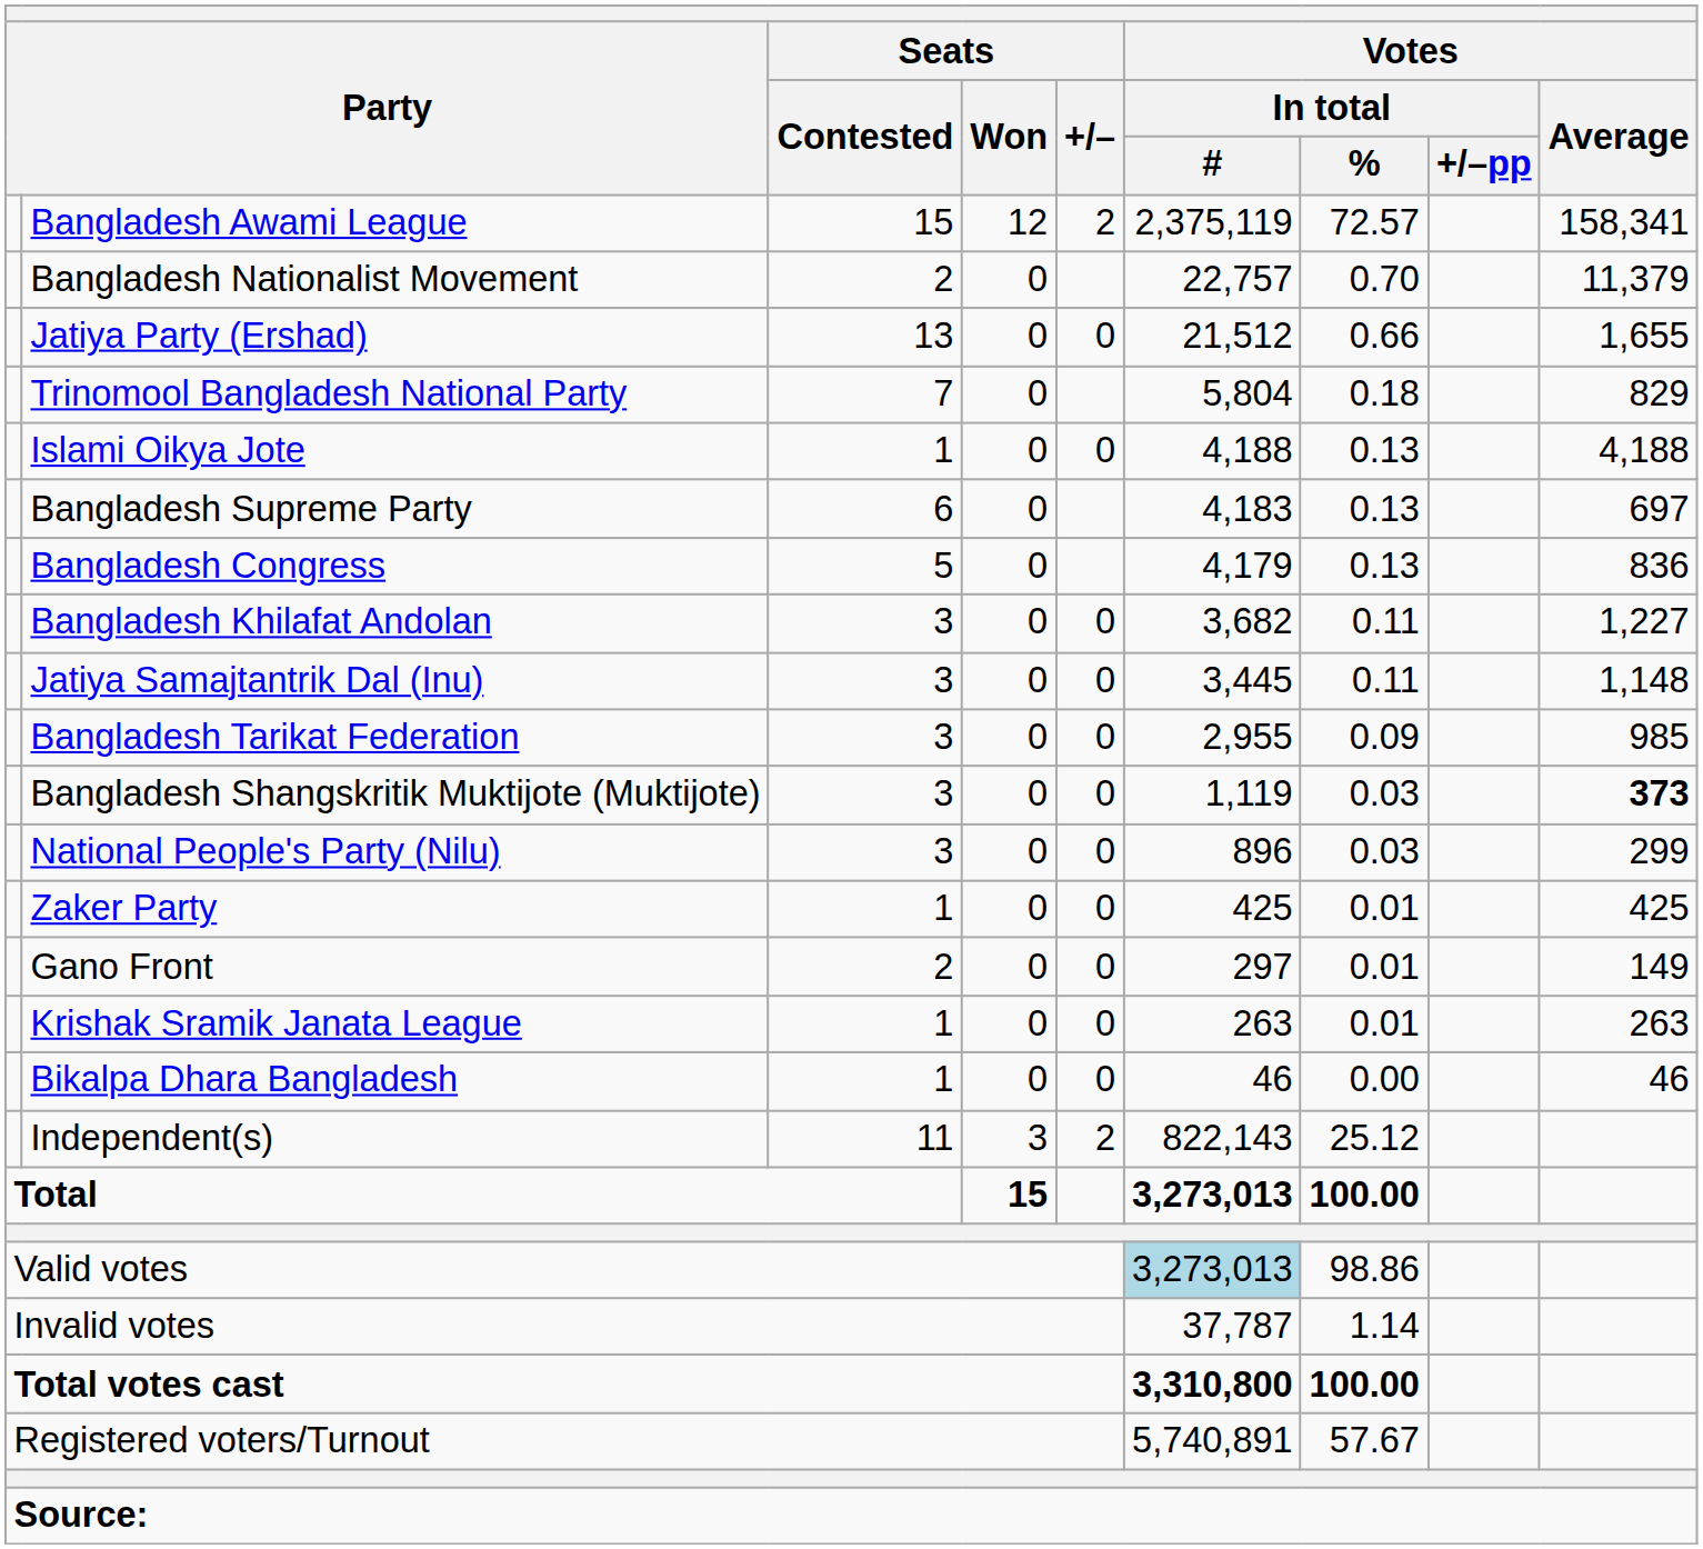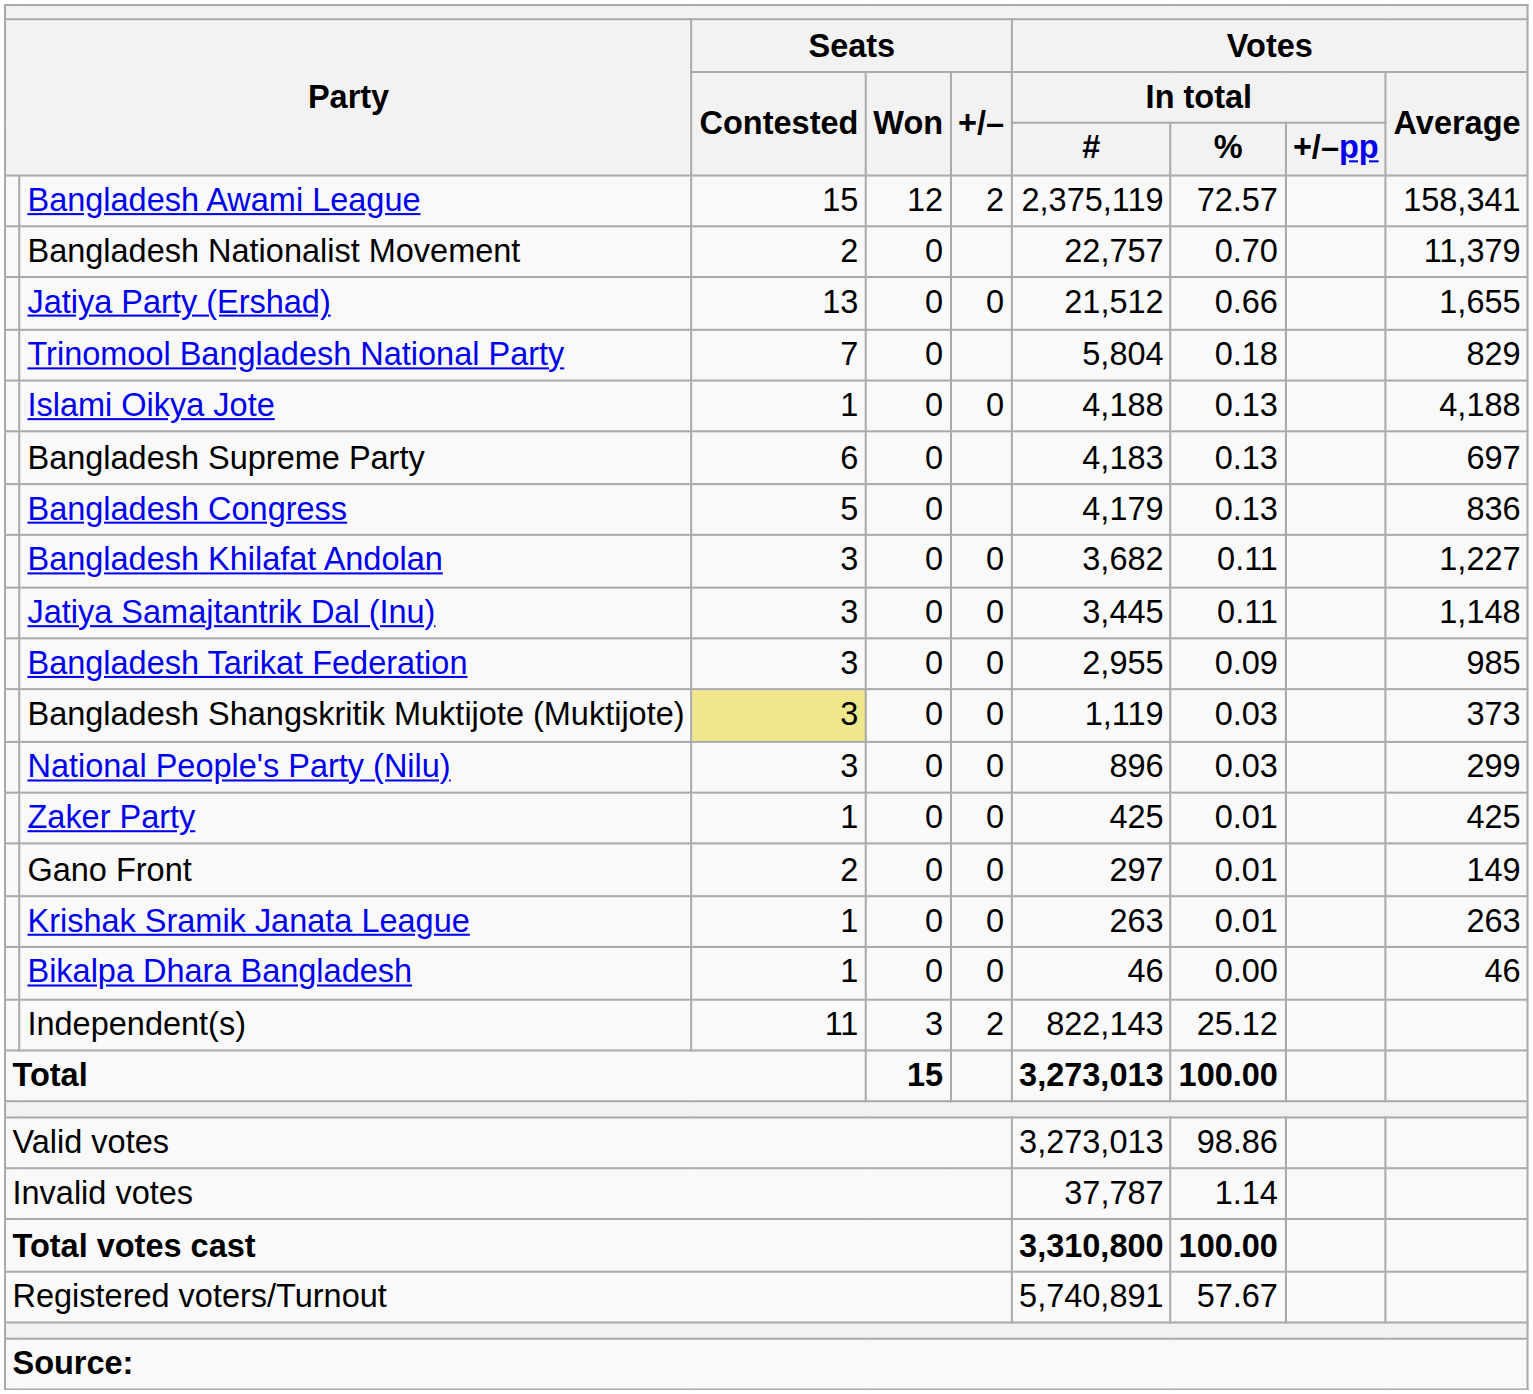 <table class="wikitable sortable">
 <tr>
 <th colspan="9"></th>
 </tr>
 <tr>
 <th colspan="2" rowspan="3">Party</th>
 <th colspan="3">Seats</th>
 <th colspan="4">Votes</th>
 </tr>
 <tr>
 <th rowspan="2">Contested</th>
 <th rowspan="2">Won</th>
 <th rowspan="2">+/–</th>
 <th colspan="3">In total</th>
 <th rowspan="2">Average</th>
 </tr>
 <tr>
 <th>#</th>
 <th>%</th>
 <th>+/–<a href='#'>pp</a></th>
 </tr>
 <tr>
 <td></td>
 <td><a href='#'>Bangladesh Awami League</a></td>
 <td style="text-align:right">15</td>
 <td style="text-align:right">12</td>
 <td style="text-align:right">2</td>
 <td style="text-align:right">2,375,119</td>
 <td style="text-align:right">72.57</td>
 <td style="text-align:right"></td>
 <td style="text-align:right">158,341</td>
 </tr>
 <tr>
 <td></td>
 <td>Bangladesh Nationalist Movement</td>
 <td style="text-align:right">2</td>
 <td style="text-align:right">0</td>
 <td style="text-align:right"></td>
 <td style="text-align:right">22,757</td>
 <td style="text-align:right">0.70</td>
 <td style="text-align:right"></td>
 <td style="text-align:right">11,379</td>
 </tr>
 <tr>
 <td></td>
 <td><a href='#'>Jatiya Party (Ershad)</a></td>
 <td style="text-align:right">13</td>
 <td style="text-align:right">0</td>
 <td style="text-align:right">0</td>
 <td style="text-align:right">21,512</td>
 <td style="text-align:right">0.66</td>
 <td style="text-align:right"></td>
 <td style="text-align:right">1,655</td>
 </tr>
 <tr>
 <td></td>
 <td><a href='#'>Trinomool Bangladesh National Party</a></td>
 <td style="text-align:right">7</td>
 <td style="text-align:right">0</td>
 <td style="text-align:right"></td>
 <td style="text-align:right">5,804</td>
 <td style="text-align:right">0.18</td>
 <td style="text-align:right"></td>
 <td style="text-align:right">829</td>
 </tr>
 <tr>
 <td></td>
 <td><a href='#'>Islami Oikya Jote</a></td>
 <td style="text-align:right">1</td>
 <td style="text-align:right">0</td>
 <td style="text-align:right">0</td>
 <td style="text-align:right">4,188</td>
 <td style="text-align:right">0.13</td>
 <td style="text-align:right"></td>
 <td style="text-align:right">4,188</td>
 </tr>
 <tr>
 <td></td>
 <td>Bangladesh Supreme Party</td>
 <td style="text-align:right">6</td>
 <td style="text-align:right">0</td>
 <td style="text-align:right"></td>
 <td style="text-align:right">4,183</td>
 <td style="text-align:right">0.13</td>
 <td style="text-align:right"></td>
 <td style="text-align:right">697</td>
 </tr>
 <tr>
 <td></td>
 <td><a href='#'>Bangladesh Congress</a></td>
 <td style="text-align:right">5</td>
 <td style="text-align:right">0</td>
 <td style="text-align:right"></td>
 <td style="text-align:right">4,179</td>
 <td style="text-align:right">0.13</td>
 <td style="text-align:right"></td>
 <td style="text-align:right">836</td>
 </tr>
 <tr>
 <td></td>
 <td><a href='#'>Bangladesh Khilafat Andolan</a></td>
 <td style="text-align:right">3</td>
 <td style="text-align:right">0</td>
 <td style="text-align:right">0</td>
 <td style="text-align:right">3,682</td>
 <td style="text-align:right">0.11</td>
 <td style="text-align:right"></td>
 <td style="text-align:right">1,227</td>
 </tr>
 <tr>
 <td></td>
 <td><a href='#'>Jatiya Samajtantrik Dal (Inu)</a></td>
 <td style="text-align:right">3</td>
 <td style="text-align:right">0</td>
 <td style="text-align:right">0</td>
 <td style="text-align:right">3,445</td>
 <td style="text-align:right">0.11</td>
 <td style="text-align:right"></td>
 <td style="text-align:right">1,148</td>
 </tr>
 <tr>
 <td></td>
 <td><a href='#'>Bangladesh Tarikat Federation</a></td>
 <td style="text-align:right">3</td>
 <td style="text-align:right">0</td>
 <td style="text-align:right">0</td>
 <td style="text-align:right">2,955</td>
 <td style="text-align:right">0.09</td>
 <td style="text-align:right"></td>
 <td style="text-align:right">985</td>
 </tr>
 <tr>
 <td></td>
 <td>Bangladesh Shangskritik Muktijote (Muktijote)</td>
-<td style="text-align:right">3</td>
+<td style="background: khaki; text-align:right">3</td>
 <td style="text-align:right">0</td>
 <td style="text-align:right">0</td>
 <td style="text-align:right">1,119</td>
 <td style="text-align:right">0.03</td>
 <td style="text-align:right"></td>
-<td style="text-align:right"><strong>373</strong></td>
+<td style="text-align:right">373</td>
 </tr>
 <tr>
 <td></td>
 <td><a href='#'>National People's Party (Nilu)</a></td>
 <td style="text-align:right">3</td>
 <td style="text-align:right">0</td>
 <td style="text-align:right">0</td>
 <td style="text-align:right">896</td>
 <td style="text-align:right">0.03</td>
 <td style="text-align:right"></td>
 <td style="text-align:right">299</td>
 </tr>
 <tr>
 <td></td>
 <td><a href='#'>Zaker Party</a></td>
 <td style="text-align:right">1</td>
 <td style="text-align:right">0</td>
 <td style="text-align:right">0</td>
 <td style="text-align:right">425</td>
 <td style="text-align:right">0.01</td>
 <td style="text-align:right"></td>
 <td style="text-align:right">425</td>
 </tr>
 <tr>
 <td></td>
 <td>Gano Front</td>
 <td style="text-align:right">2</td>
 <td style="text-align:right">0</td>
 <td style="text-align:right">0</td>
 <td style="text-align:right">297</td>
 <td style="text-align:right">0.01</td>
 <td style="text-align:right"></td>
 <td style="text-align:right">149</td>
 </tr>
 <tr>
 <td></td>
 <td><a href='#'>Krishak Sramik Janata League</a></td>
 <td style="text-align:right">1</td>
 <td style="text-align:right">0</td>
 <td style="text-align:right">0</td>
 <td style="text-align:right">263</td>
 <td style="text-align:right">0.01</td>
 <td style="text-align:right"></td>
 <td style="text-align:right">263</td>
 </tr>
 <tr>
 <td></td>
 <td><a href='#'>Bikalpa Dhara Bangladesh</a></td>
 <td style="text-align:right">1</td>
 <td style="text-align:right">0</td>
 <td style="text-align:right">0</td>
 <td style="text-align:right">46</td>
 <td style="text-align:right">0.00</td>
 <td style="text-align:right"></td>
 <td style="text-align:right">46</td>
 </tr>
 <tr>
 <td></td>
 <td>Independent(s)</td>
 <td style="text-align:right">11</td>
 <td style="text-align:right">3</td>
 <td style="text-align:right">2</td>
 <td style="text-align:right">822,143</td>
 <td style="text-align:right">25.12</td>
 <td style="text-align:right"></td>
 <td style="text-align:right"></td>
 </tr>
 <tr>
 <td colspan="3"><strong>Total</strong></td>
 <td style="text-align:right"><strong>15</strong></td>
 <td style="text-align:right"></td>
 <td style="text-align:right"><strong>3,273,013</strong></td>
 <td style="text-align:right"><strong>100.00</strong></td>
 <td style="text-align:right"></td>
 <td style="text-align:right"></td>
 </tr>
 <tr>
 <th colspan="9"></th>
 </tr>
 <tr>
 <td colspan="5">Valid votes</td>
-<td style="background: lightblue; text-align:right">3,273,013</td>
+<td style="text-align:right">3,273,013</td>
 <td style="text-align:right">98.86</td>
 <td></td>
 <td></td>
 </tr>
 <tr>
 <td colspan="5">Invalid votes</td>
 <td style="text-align:right">37,787</td>
 <td style="text-align:right">1.14</td>
 <td></td>
 <td></td>
 </tr>
 <tr>
 <td colspan="5"><strong>Total votes cast</strong></td>
 <td style="text-align:right"><strong>3,310,800</strong></td>
 <td style="text-align:right"><strong>100.00</strong></td>
 <td></td>
 <td></td>
 </tr>
 <tr>
 <td colspan="5">Registered voters/Turnout</td>
 <td style="text-align:right">5,740,891</td>
 <td style="text-align:right">57.67</td>
 <td></td>
 <td></td>
 </tr>
 <tr>
 <th colspan="9"></th>
 </tr>
 <tr>
 <td colspan="9"><strong>Source:</strong> </td>
 </tr>
 </table>
